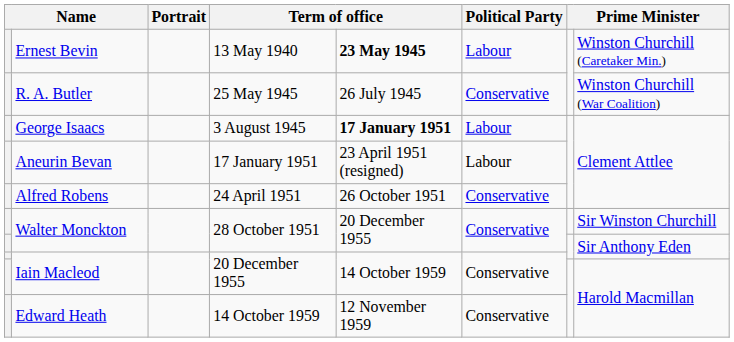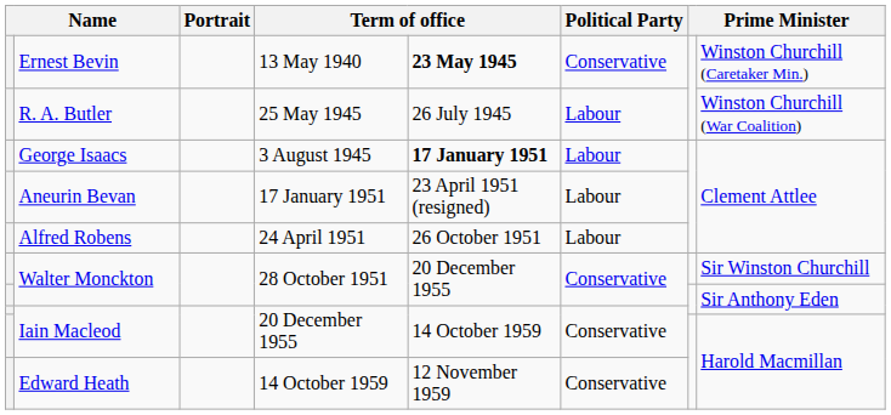 <table class="wikitable">
 <tr>
 <th colspan=2>Name</th>
 <th>Portrait</th>
 <th colspan=2>Term of office</th>
 <th>Political Party</th>
 <th colspan=2>Prime Minister</th>
 </tr>
 <tr>
 <th style="background-color: "></th>
 <td width=130><a href='#'>Ernest Bevin</a></td>
 <td></td>
 <td width=120>13 May 1940</td>
 <td width=120><strong>23 May 1945</strong></td>
-<td><a href='#'>Labour</a></td>
+<td><a href='#'>Conservative</a></td>
 <td rowspan=2 style="background-color: "></td>
 <td><a href='#'>Winston Churchill</a><br><small>(<a href='#'>Caretaker Min.</a>)</small></td>
 </tr>
 <tr>
 <th style="background-color: "></th>
 <td><a href='#'>R. A. Butler</a></td>
 <td></td>
 <td>25 May 1945</td>
 <td>26 July 1945</td>
-<td><a href='#'>Conservative</a></td>
+<td><a href='#'>Labour</a></td>
 <td width=150><a href='#'>Winston Churchill</a><br><small>(<a href='#'>War Coalition</a>)</small></td>
 </tr>
 <tr>
 <th style="background-color: "></th>
 <td><a href='#'>George Isaacs</a></td>
 <td></td>
 <td>3 August 1945</td>
 <td><strong>17 January 1951</strong></td>
 <td><a href='#'>Labour</a></td>
 <td rowspan=3 style="background-color: "></td>
 <td rowspan=3><a href='#'>Clement Attlee</a></td>
 </tr>
 <tr>
 <th style="background-color: "></th>
 <td><a href='#'>Aneurin Bevan</a></td>
 <td></td>
 <td>17 January 1951</td>
 <td>23 April 1951<br>(resigned)</td>
 <td>Labour</td>
 </tr>
 <tr>
 <th style="background-color: "></th>
 <td><a href='#'>Alfred Robens</a></td>
 <td></td>
 <td>24 April 1951</td>
 <td>26 October 1951</td>
-<td><a href='#'>Conservative</a></td>
+<td>Labour</td>
 </tr>
 <tr>
 <th style="background-color: "></th>
 <td rowspan=2><a href='#'>Walter Monckton</a></td>
 <td rowspan=2></td>
 <td rowspan=2>28 October 1951</td>
 <td rowspan=2>20 December 1955</td>
 <td rowspan=2><a href='#'>Conservative</a></td>
 <td style="background-color: "></td>
 <td><a href='#'>Sir Winston Churchill</a></td>
 </tr>
 <tr>
 <th style="background-color: "></th>
 <td rowspan=2 style="background-color: "></td>
 <td rowspan=2><a href='#'>Sir Anthony Eden</a></td>
 </tr>
 <tr>
 <th style="background-color: "></th>
 <td rowspan=2><a href='#'>Iain Macleod</a></td>
 <td rowspan=2></td>
 <td rowspan=2>20 December 1955</td>
 <td rowspan=2>14 October 1959</td>
 <td rowspan=2>Conservative</td>
 </tr>
 <tr>
 <th style="background-color: "></th>
 <td rowspan=2 style="background-color: "></td>
 <td rowspan=2><a href='#'>Harold Macmillan</a></td>
 </tr>
 <tr>
 <th style="background-color: "></th>
 <td><a href='#'>Edward Heath</a></td>
 <td></td>
 <td>14 October 1959</td>
 <td>12 November 1959</td>
 <td>Conservative</td>
 </tr>
 </table>
